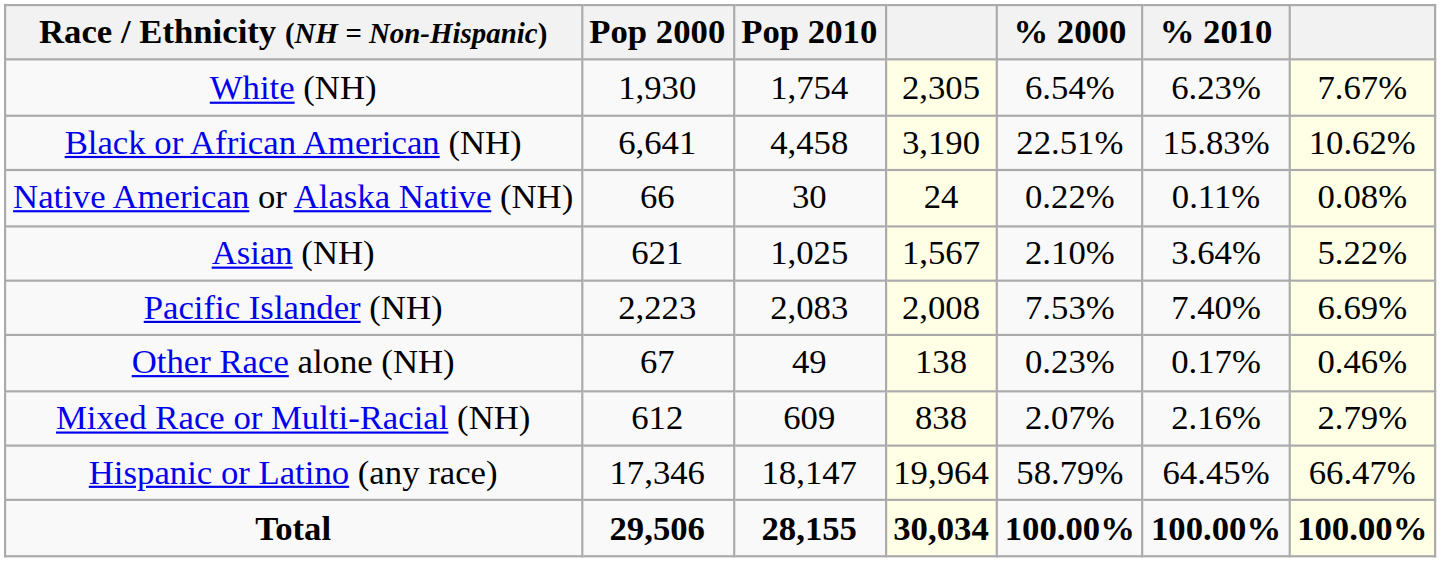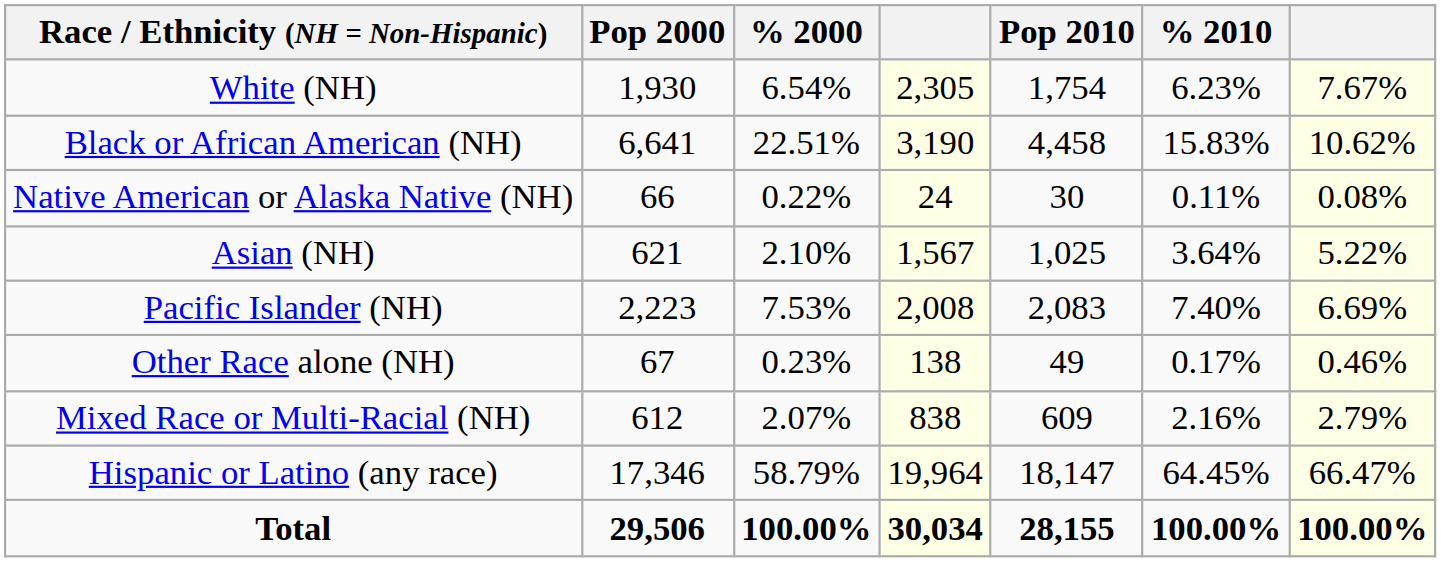 <table class="wikitable"style="text-align:center;">
 <tr>
 <th>Race / Ethnicity <small>(<em>NH = Non-Hispanic</em>)</small></th>
 <th>Pop 2000</th>
+<th>% 2000</th>
+<th></th>
 <th>Pop 2010</th>
-<th></th>
-<th>% 2000</th>
 <th>% 2010</th>
 <th></th>
 </tr>
 <tr>
 <td><a href='#'>White</a> (NH)</td>
 <td>1,930</td>
+<td>6.54%</td>
+<td style='background: #ffffe6;'>2,305</td>
 <td>1,754</td>
-<td style='background: #ffffe6;'>2,305</td>
-<td>6.54%</td>
 <td>6.23%</td>
 <td style='background: #ffffe6;'>7.67%</td>
 </tr>
 <tr>
 <td><a href='#'>Black or African American</a> (NH)</td>
 <td>6,641</td>
+<td>22.51%</td>
+<td style='background: #ffffe6;'>3,190</td>
 <td>4,458</td>
-<td style='background: #ffffe6;'>3,190</td>
-<td>22.51%</td>
 <td>15.83%</td>
 <td style='background: #ffffe6;'>10.62%</td>
 </tr>
 <tr>
 <td><a href='#'>Native American</a> or <a href='#'>Alaska Native</a> (NH)</td>
 <td>66</td>
+<td>0.22%</td>
+<td style='background: #ffffe6;'>24</td>
 <td>30</td>
-<td style='background: #ffffe6;'>24</td>
-<td>0.22%</td>
 <td>0.11%</td>
 <td style='background: #ffffe6;'>0.08%</td>
 </tr>
 <tr>
 <td><a href='#'>Asian</a> (NH)</td>
 <td>621</td>
+<td>2.10%</td>
+<td style='background: #ffffe6;'>1,567</td>
 <td>1,025</td>
-<td style='background: #ffffe6;'>1,567</td>
-<td>2.10%</td>
 <td>3.64%</td>
 <td style='background: #ffffe6;'>5.22%</td>
 </tr>
 <tr>
 <td><a href='#'>Pacific Islander</a> (NH)</td>
 <td>2,223</td>
+<td>7.53%</td>
+<td style='background: #ffffe6;'>2,008</td>
 <td>2,083</td>
-<td style='background: #ffffe6;'>2,008</td>
-<td>7.53%</td>
 <td>7.40%</td>
 <td style='background: #ffffe6;'>6.69%</td>
 </tr>
 <tr>
 <td><a href='#'>Other Race</a> alone (NH)</td>
 <td>67</td>
+<td>0.23%</td>
+<td style='background: #ffffe6;'>138</td>
 <td>49</td>
-<td style='background: #ffffe6;'>138</td>
-<td>0.23%</td>
 <td>0.17%</td>
 <td style='background: #ffffe6;'>0.46%</td>
 </tr>
 <tr>
 <td><a href='#'>Mixed Race or Multi-Racial</a> (NH)</td>
 <td>612</td>
+<td>2.07%</td>
+<td style='background: #ffffe6;'>838</td>
 <td>609</td>
-<td style='background: #ffffe6;'>838</td>
-<td>2.07%</td>
 <td>2.16%</td>
 <td style='background: #ffffe6;'>2.79%</td>
 </tr>
 <tr>
 <td><a href='#'>Hispanic or Latino</a> (any race)</td>
 <td>17,346</td>
+<td>58.79%</td>
+<td style='background: #ffffe6;'>19,964</td>
 <td>18,147</td>
-<td style='background: #ffffe6;'>19,964</td>
-<td>58.79%</td>
 <td>64.45%</td>
 <td style='background: #ffffe6;'>66.47%</td>
 </tr>
 <tr>
 <td><strong>Total</strong></td>
 <td><strong>29,506</strong></td>
+<td><strong>100.00%</strong></td>
+<td style='background: #ffffe6;'><strong>30,034</strong></td>
 <td><strong>28,155</strong></td>
-<td style='background: #ffffe6;'><strong>30,034</strong></td>
-<td><strong>100.00%</strong></td>
 <td><strong>100.00%</strong></td>
 <td style='background: #ffffe6;'><strong>100.00%</strong></td>
 </tr>
 </table>
